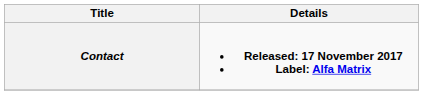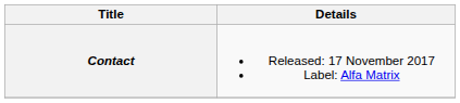 <table class="wikitable plainrowheaders" style="text-align:center;">
 <tr>
 <th scope="col" style="width:16.5em;">Title</th>
 <th scope="col" style="width:18.5em;">Details</th>
 </tr>
 <tr>
 <th scope="row"><em>Contact</em></th>
-<td><strong><br><ul><li>Released: 17 November 2017</li><li>Label: <a href='#'>Alfa Matrix</a></li></ul></strong></td>
+<td><br><ul><li>Released: 17 November 2017</li><li>Label: <a href='#'>Alfa Matrix</a></li></ul></td>
 </tr>
 <tr>
 </tr>
 </table>
